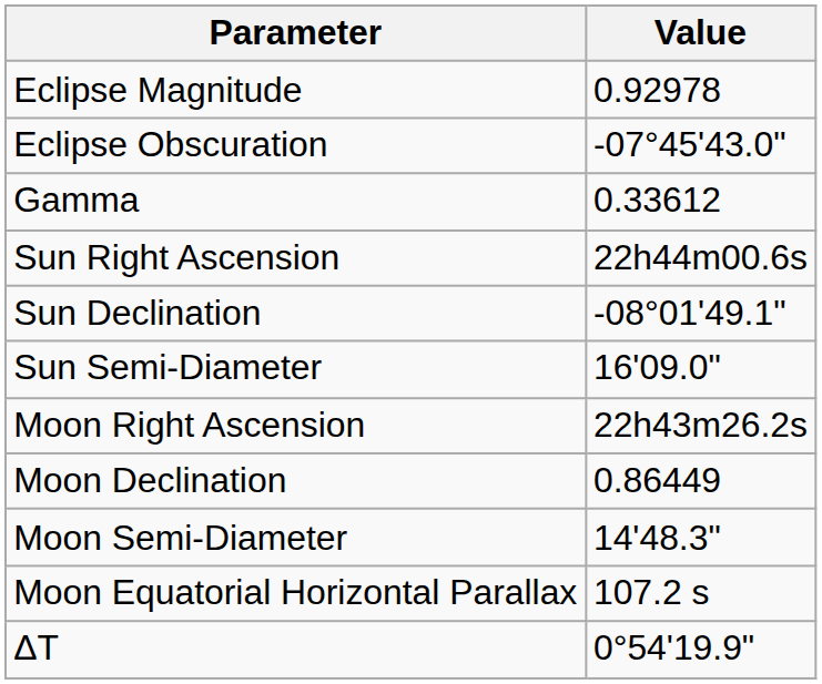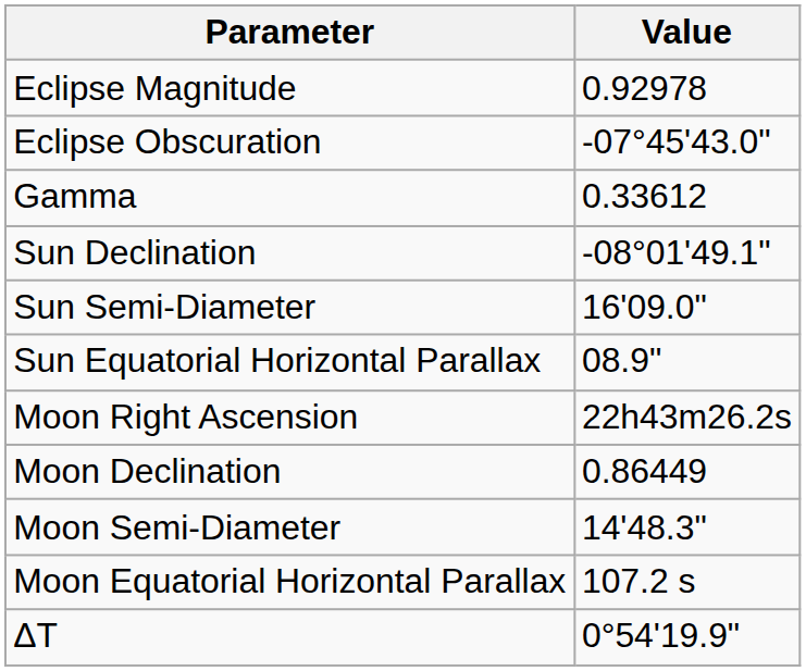 <table class="wikitable">
 <tr>
 <th>Parameter</th>
 <th>Value</th>
 </tr>
 <tr>
 <td>Eclipse Magnitude</td>
 <td>0.92978</td>
 </tr>
 <tr>
 <td>Eclipse Obscuration</td>
 <td>-07°45'43.0"</td>
 </tr>
 <tr>
 <td>Gamma</td>
 <td>0.33612</td>
 </tr>
 <tr>
-<td>Sun Right Ascension</td>
-<td>22h44m00.6s</td>
-</tr>
-<tr>
 <td>Sun Declination</td>
 <td>-08°01'49.1"</td>
 </tr>
 <tr>
 <td>Sun Semi-Diameter</td>
 <td>16'09.0"</td>
+</tr>
+<tr>
+<td>Sun Equatorial Horizontal Parallax</td>
+<td>08.9"</td>
 </tr>
 <tr>
 <td>Moon Right Ascension</td>
 <td>22h43m26.2s</td>
 </tr>
 <tr>
 <td>Moon Declination</td>
 <td>0.86449</td>
 </tr>
 <tr>
 <td>Moon Semi-Diameter</td>
 <td>14'48.3"</td>
 </tr>
 <tr>
 <td>Moon Equatorial Horizontal Parallax</td>
 <td>107.2 s</td>
 </tr>
 <tr>
 <td>ΔT</td>
 <td>0°54'19.9"</td>
 </tr>
 </table>
